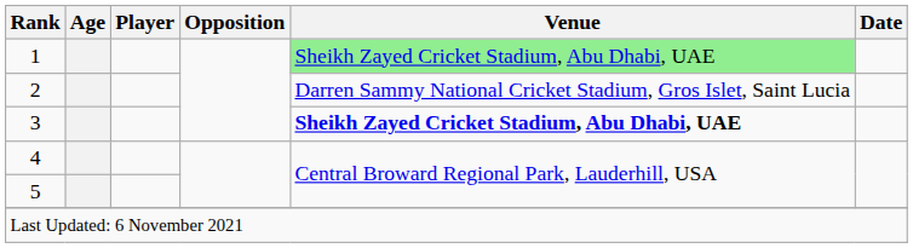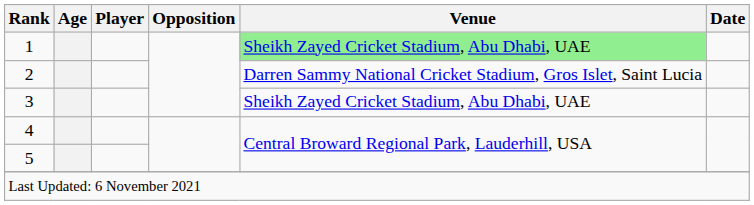 <table class="wikitable plainrowheaders sortable">
 <tr>
 <th scope=col>Rank</th>
 <th scope=col>Age</th>
 <th scope=col>Player</th>
 <th scope=col>Opposition</th>
 <th scope=col>Venue</th>
 <th scope=col>Date</th>
 </tr>
 <tr>
 <td align=center>1</td>
 <th scope=row style=text-align:center;></th>
 <td></td>
 <td rowspan=3></td>
 <td style="background: lightgreen;"><a href='#'>Sheikh Zayed Cricket Stadium</a>, <a href='#'>Abu Dhabi</a>, UAE</td>
 <td></td>
 </tr>
 <tr>
 <td align=center>2</td>
 <th scope=row style=text-align:center;></th>
 <td></td>
 <td><a href='#'>Darren Sammy National Cricket Stadium</a>, <a href='#'>Gros Islet</a>, Saint Lucia</td>
 <td></td>
 </tr>
 <tr>
 <td align=center>3</td>
 <th scope=row style=text-align:center;></th>
 <td></td>
-<td><strong><a href='#'>Sheikh Zayed Cricket Stadium</a>, <a href='#'>Abu Dhabi</a>, UAE</strong></td>
+<td><a href='#'>Sheikh Zayed Cricket Stadium</a>, <a href='#'>Abu Dhabi</a>, UAE</td>
 <td></td>
 </tr>
 <tr>
 <td align=center>4</td>
 <th scope=row style=text-align:center;></th>
 <td></td>
 <td rowspan=2></td>
 <td rowspan=2><a href='#'>Central Broward Regional Park</a>, <a href='#'>Lauderhill</a>, USA</td>
 <td rowspan=2></td>
 </tr>
 <tr>
 <td align=center>5</td>
 <th scope=row style=text-align:center;></th>
 <td></td>
 </tr>
 <tr>
 </tr>
 <tr class=sortbottom>
 <td colspan=7><small>Last Updated: 6 November 2021</small></td>
 </tr>
 </table>
